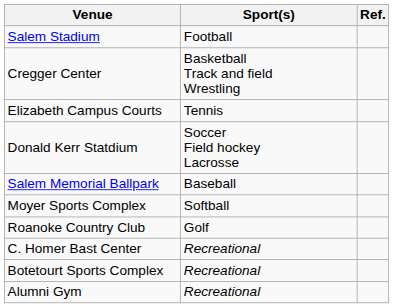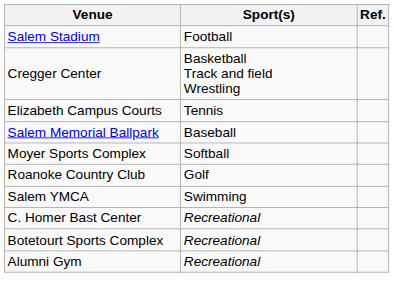 <table class="wikitable sortable"; style=" ">
 <tr>
 <th width=200px>Venue</th>
 <th width=200px>Sport(s)</th>
 <th width=px>Ref.</th>
 </tr>
 <tr>
 <td><a href='#'>Salem Stadium</a> </td>
 <td>Football</td>
 <td></td>
 </tr>
 <tr>
 <td>Cregger Center</td>
 <td>Basketball <br> Track and field  <br> Wrestling</td>
 <td></td>
 </tr>
 <tr>
 <td>Elizabeth Campus Courts</td>
 <td>Tennis</td>
 <td></td>
 </tr>
 <tr>
-<td>Donald Kerr Statdium</td>
-<td>Soccer <br> Field hockey <br> Lacrosse</td>
-<td></td>
-</tr>
-<tr>
 <td><a href='#'>Salem Memorial Ballpark</a> </td>
 <td>Baseball</td>
 <td></td>
 </tr>
 <tr>
 <td>Moyer Sports Complex</td>
 <td>Softball</td>
 <td></td>
 </tr>
 <tr>
 <td>Roanoke Country Club</td>
 <td>Golf</td>
+<td></td>
+</tr>
+<tr>
+<td>Salem YMCA</td>
+<td>Swimming</td>
 <td></td>
 </tr>
 <tr>
 <td>C. Homer Bast Center</td>
 <td><em>Recreational</em></td>
 <td></td>
 </tr>
 <tr>
 <td>Botetourt Sports Complex</td>
 <td><em>Recreational</em></td>
 <td></td>
 </tr>
 <tr>
 <td>Alumni Gym</td>
 <td><em>Recreational</em> </td>
 <td></td>
 </tr>
 </table>
